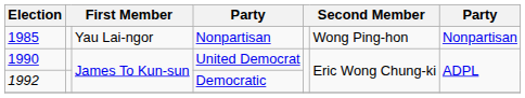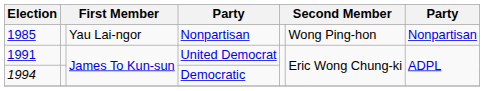 <table class="wikitable">
 <tr>
 <th>Election</th>
 <th colspan="2">First Member</th>
 <th>Party</th>
 <th colspan="2">Second Member</th>
 <th>Party</th>
 </tr>
 <tr>
 <td><a href='#'>1985</a></td>
 <td style="background-color: "></td>
 <td>Yau Lai-ngor</td>
 <td><a href='#'>Nonpartisan</a></td>
 <td style="background-color: "></td>
 <td>Wong Ping-hon</td>
 <td><a href='#'>Nonpartisan</a></td>
 </tr>
 <tr>
-<td><a href='#'>1990</a></td>
+<td><a href='#'>1991</a></td>
 <td style="background-color: "></td>
 <td rowspan=2><a href='#'>James To Kun-sun</a></td>
 <td><a href='#'>United Democrat</a></td>
 <td rowspan=2 style="background-color: "></td>
 <td rowspan=2>Eric Wong Chung-ki</td>
 <td rowspan=2><a href='#'>ADPL</a></td>
 </tr>
 <tr>
-<td><em>1992</em></td>
+<td><em>1994</em></td>
 <td style="background-color: "></td>
 <td><a href='#'>Democratic</a></td>
 </tr>
 <tr>
 </tr>
 </table>
